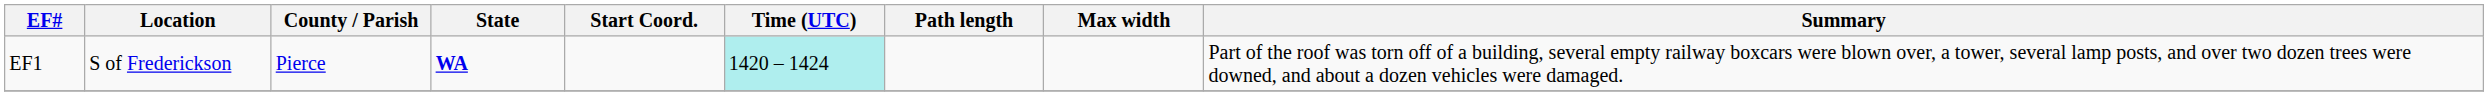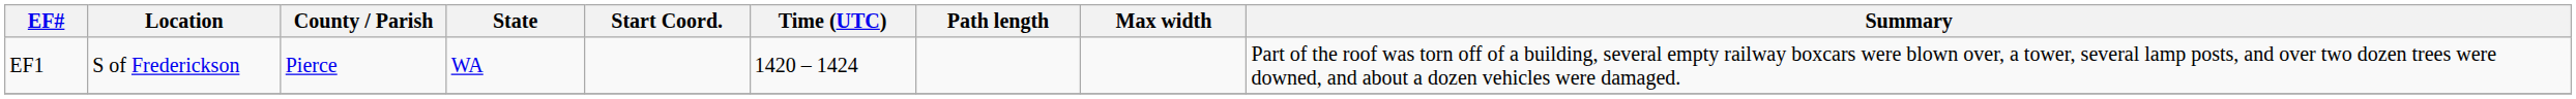 <table class="wikitable sortable" style="width:100%;">
 <tr>
 <th scope="col" width="3%" align="center"><a href='#'>EF#</a></th>
 <th scope="col" width="7%" align="center" class="unsortable">Location</th>
 <th scope="col" width="6%" align="center" class="unsortable">County / Parish</th>
 <th scope="col" width="5%" align="center">State</th>
 <th scope="col" width="6%" align="center">Start Coord.</th>
 <th scope="col" width="6%" align="center">Time (<a href='#'>UTC</a>)</th>
 <th scope="col" width="6%" align="center">Path length</th>
 <th scope="col" width="6%" align="center">Max width</th>
 <th scope="col" width="48%" class="unsortable" align="center">Summary</th>
 </tr>
 <tr>
 <td>EF1</td>
 <td>S of <a href='#'>Frederickson</a></td>
 <td><a href='#'>Pierce</a></td>
-<td><strong><a href='#'>WA</a></strong></td>
+<td><a href='#'>WA</a></td>
 <td></td>
-<td style="background: paleturquoise;">1420 – 1424</td>
+<td>1420 – 1424</td>
 <td></td>
 <td></td>
 <td>Part of the roof was torn off of a building, several empty railway boxcars were blown over, a tower, several lamp posts, and over two dozen trees were downed, and about a dozen vehicles were damaged.</td>
 </tr>
 <tr>
 </tr>
 </table>
